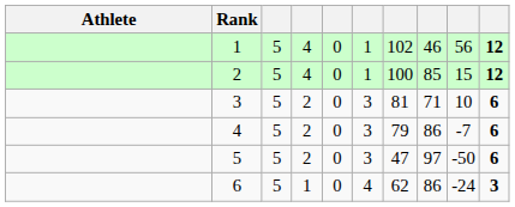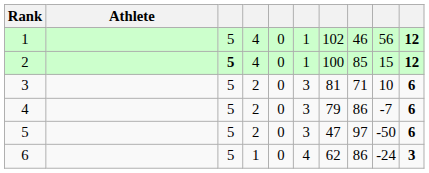 <table class=wikitable style="text-align:center">
 <tr>
+<th width=20>Rank</th>
 <th width=180>Athlete</th>
-<th width=20>Rank</th>
 <th width=20></th>
 <th width=20></th>
 <th width=20></th>
 <th width=20></th>
 <th width=20></th>
 <th width=20></th>
 <th width=20></th>
 <th width=20></th>
 </tr>
 <tr bgcolor="#ccffcc">
+<td>1</td>
 <td align=left></td>
-<td>1</td>
 <td>5</td>
 <td>4</td>
 <td>0</td>
 <td>1</td>
 <td>102</td>
 <td>46</td>
 <td>56</td>
 <td><strong>12</strong></td>
 </tr>
 <tr bgcolor="#ccffcc">
+<td>2</td>
 <td align=left></td>
-<td>2</td>
-<td>5</td>
+<td><strong>5</strong></td>
 <td>4</td>
 <td>0</td>
 <td>1</td>
 <td>100</td>
 <td>85</td>
 <td>15</td>
 <td><strong>12</strong></td>
 </tr>
 <tr>
+<td>3</td>
 <td align=left></td>
-<td>3</td>
 <td>5</td>
 <td>2</td>
 <td>0</td>
 <td>3</td>
 <td>81</td>
 <td>71</td>
 <td>10</td>
 <td><strong>6</strong></td>
 </tr>
 <tr>
+<td>4</td>
 <td align=left></td>
-<td>4</td>
 <td>5</td>
 <td>2</td>
 <td>0</td>
 <td>3</td>
 <td>79</td>
 <td>86</td>
 <td>-7</td>
 <td><strong>6</strong></td>
 </tr>
 <tr>
+<td>5</td>
 <td align=left></td>
-<td>5</td>
 <td>5</td>
 <td>2</td>
 <td>0</td>
 <td>3</td>
 <td>47</td>
 <td>97</td>
 <td>-50</td>
 <td><strong>6</strong></td>
 </tr>
 <tr>
+<td>6</td>
 <td align=left></td>
-<td>6</td>
 <td>5</td>
 <td>1</td>
 <td>0</td>
 <td>4</td>
 <td>62</td>
 <td>86</td>
 <td>-24</td>
 <td><strong>3</strong></td>
 </tr>
 </table>
